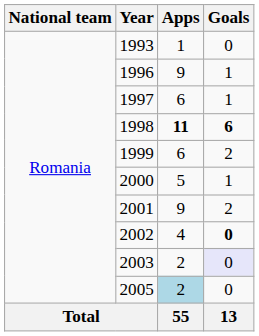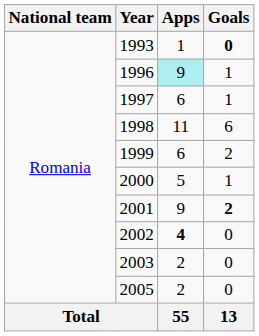 <table class="wikitable" style="text-align:center">
 <tr>
 <th>National team</th>
 <th>Year</th>
 <th>Apps</th>
 <th>Goals</th>
 </tr>
 <tr>
 <td rowspan="10"><a href='#'>Romania</a></td>
 <td>1993</td>
 <td>1</td>
-<td>0</td>
+<td><strong>0</strong></td>
 </tr>
 <tr>
 <td>1996</td>
-<td>9</td>
+<td style="background: paleturquoise;">9</td>
 <td>1</td>
 </tr>
 <tr>
 <td>1997</td>
 <td>6</td>
 <td>1</td>
 </tr>
 <tr>
 <td>1998</td>
-<td><strong>11</strong></td>
-<td><strong>6</strong></td>
+<td>11</td>
+<td>6</td>
 </tr>
 <tr>
 <td>1999</td>
 <td>6</td>
 <td>2</td>
 </tr>
 <tr>
 <td>2000</td>
 <td>5</td>
 <td>1</td>
 </tr>
 <tr>
 <td>2001</td>
 <td>9</td>
-<td>2</td>
+<td><strong>2</strong></td>
 </tr>
 <tr>
 <td>2002</td>
-<td>4</td>
-<td><strong>0</strong></td>
+<td><strong>4</strong></td>
+<td>0</td>
 </tr>
 <tr>
 <td>2003</td>
 <td>2</td>
-<td style="background: lavender;">0</td>
+<td>0</td>
 </tr>
 <tr>
 <td>2005</td>
-<td style="background: lightblue;">2</td>
+<td>2</td>
 <td>0</td>
 </tr>
 <tr>
 <th colspan="2">Total</th>
 <th>55</th>
 <th>13</th>
 </tr>
 </table>
